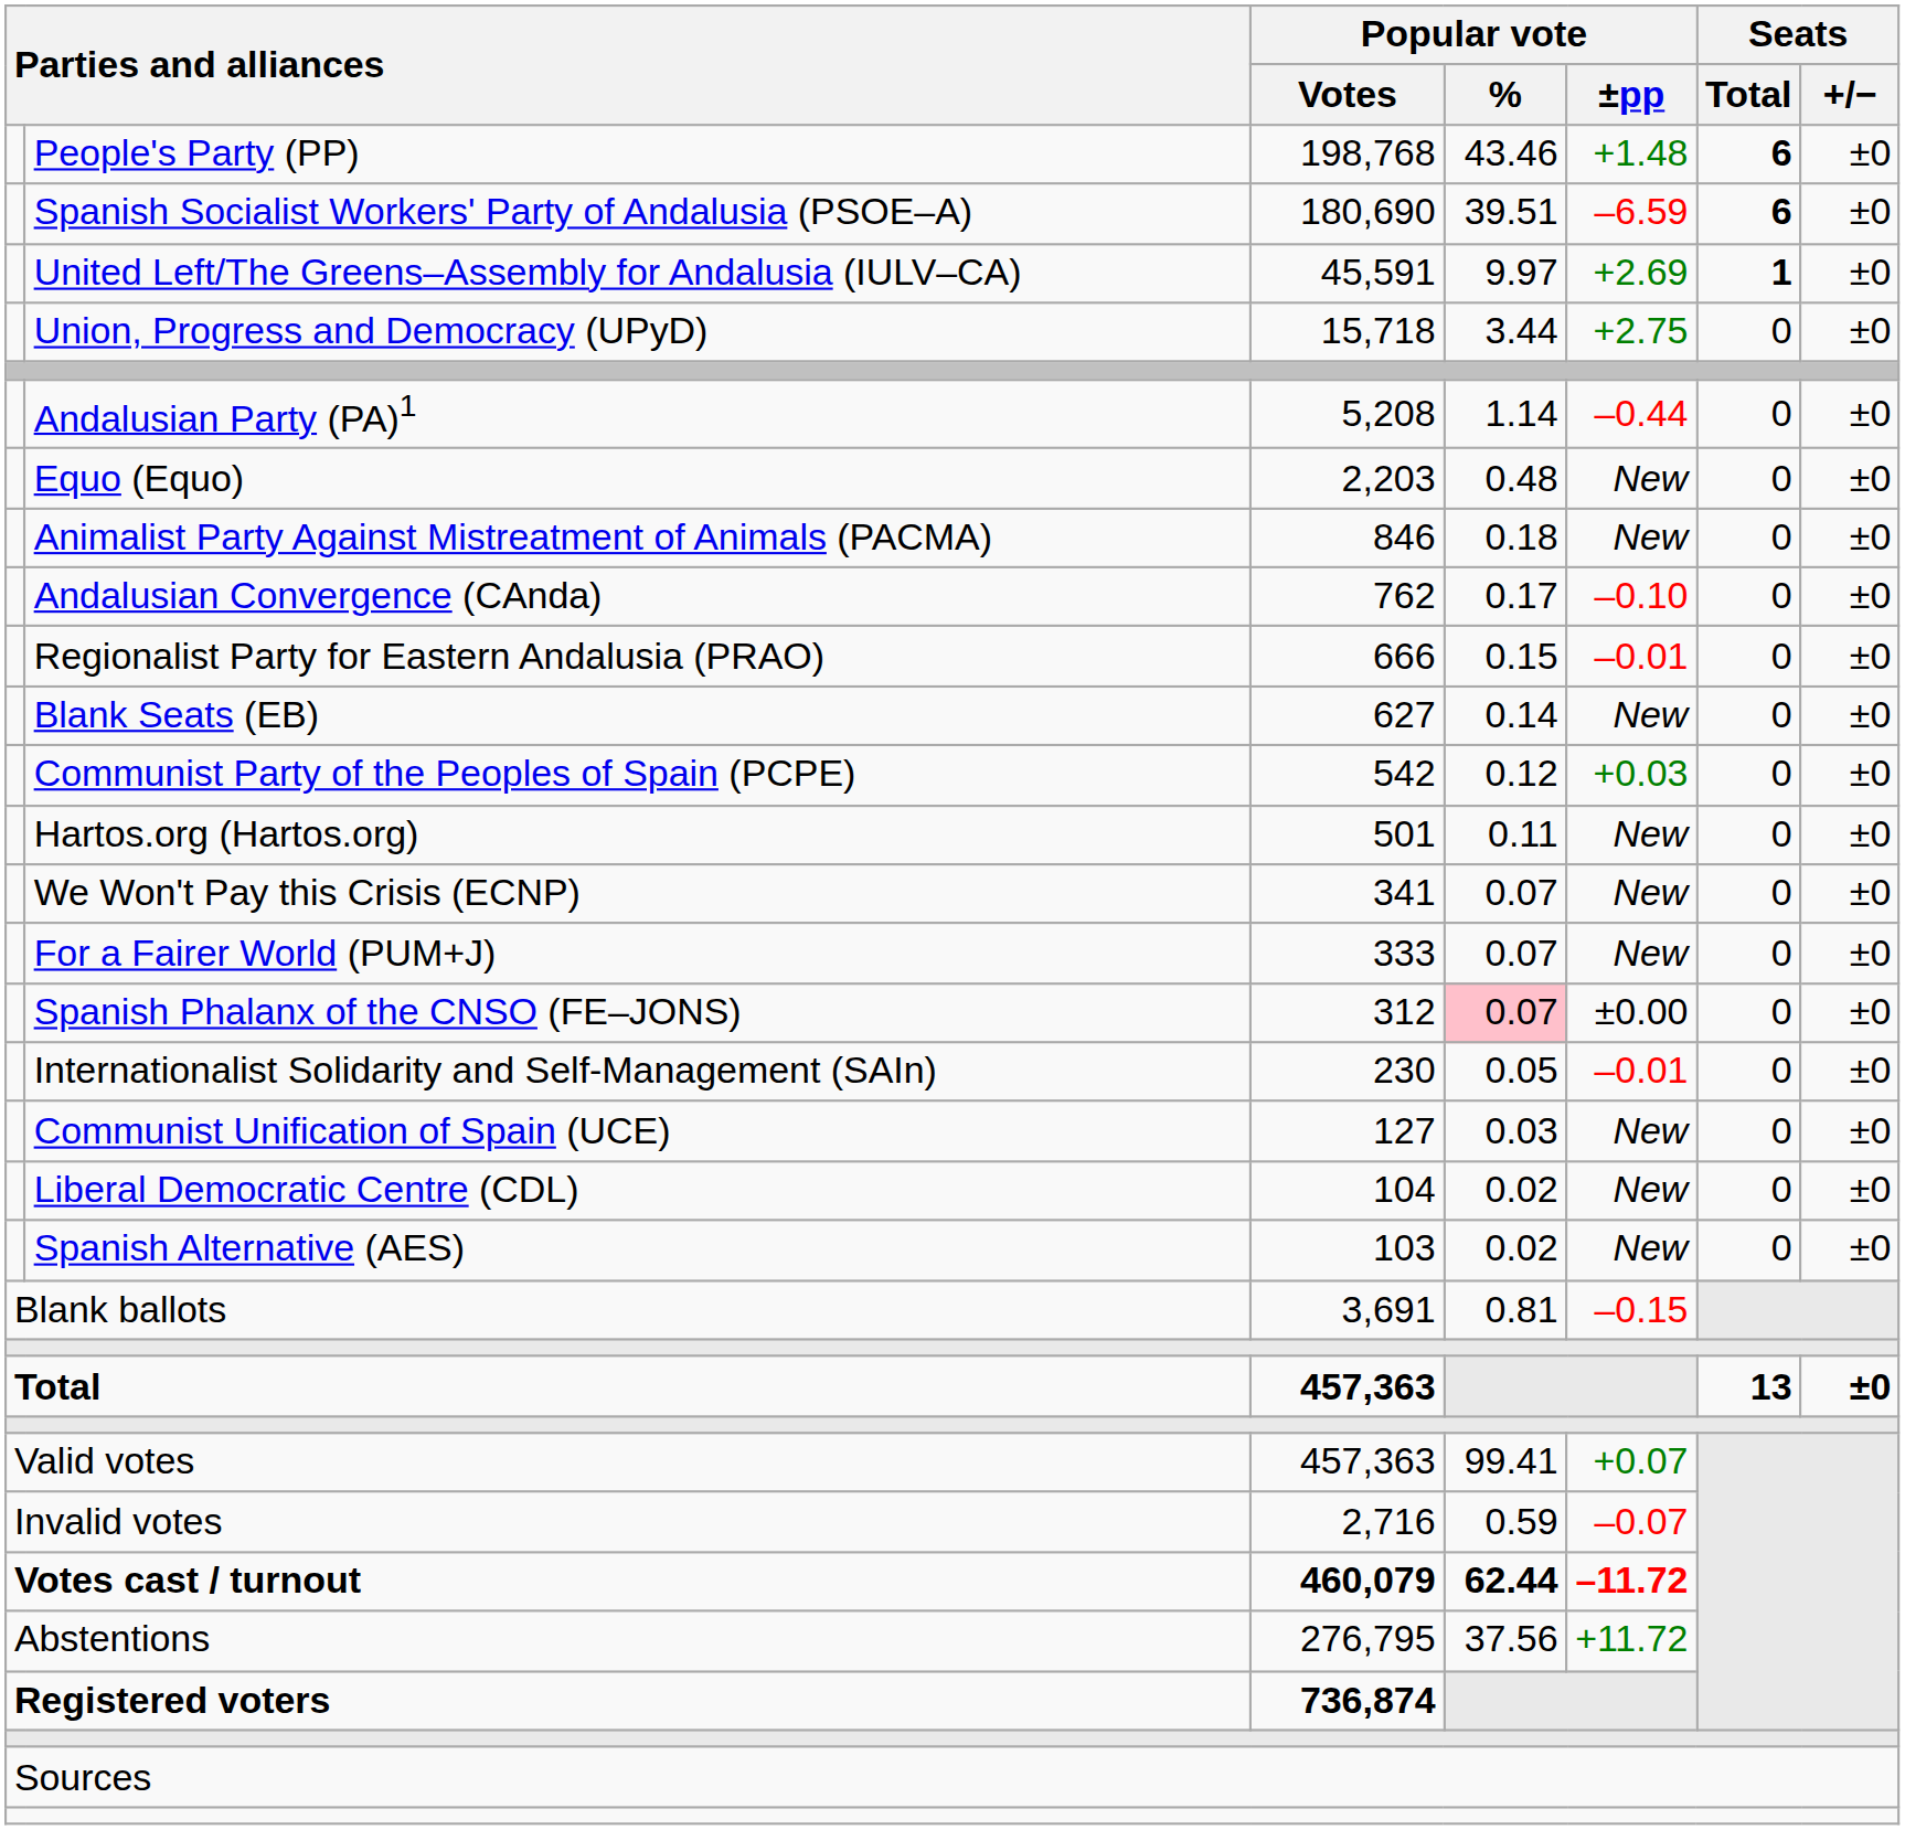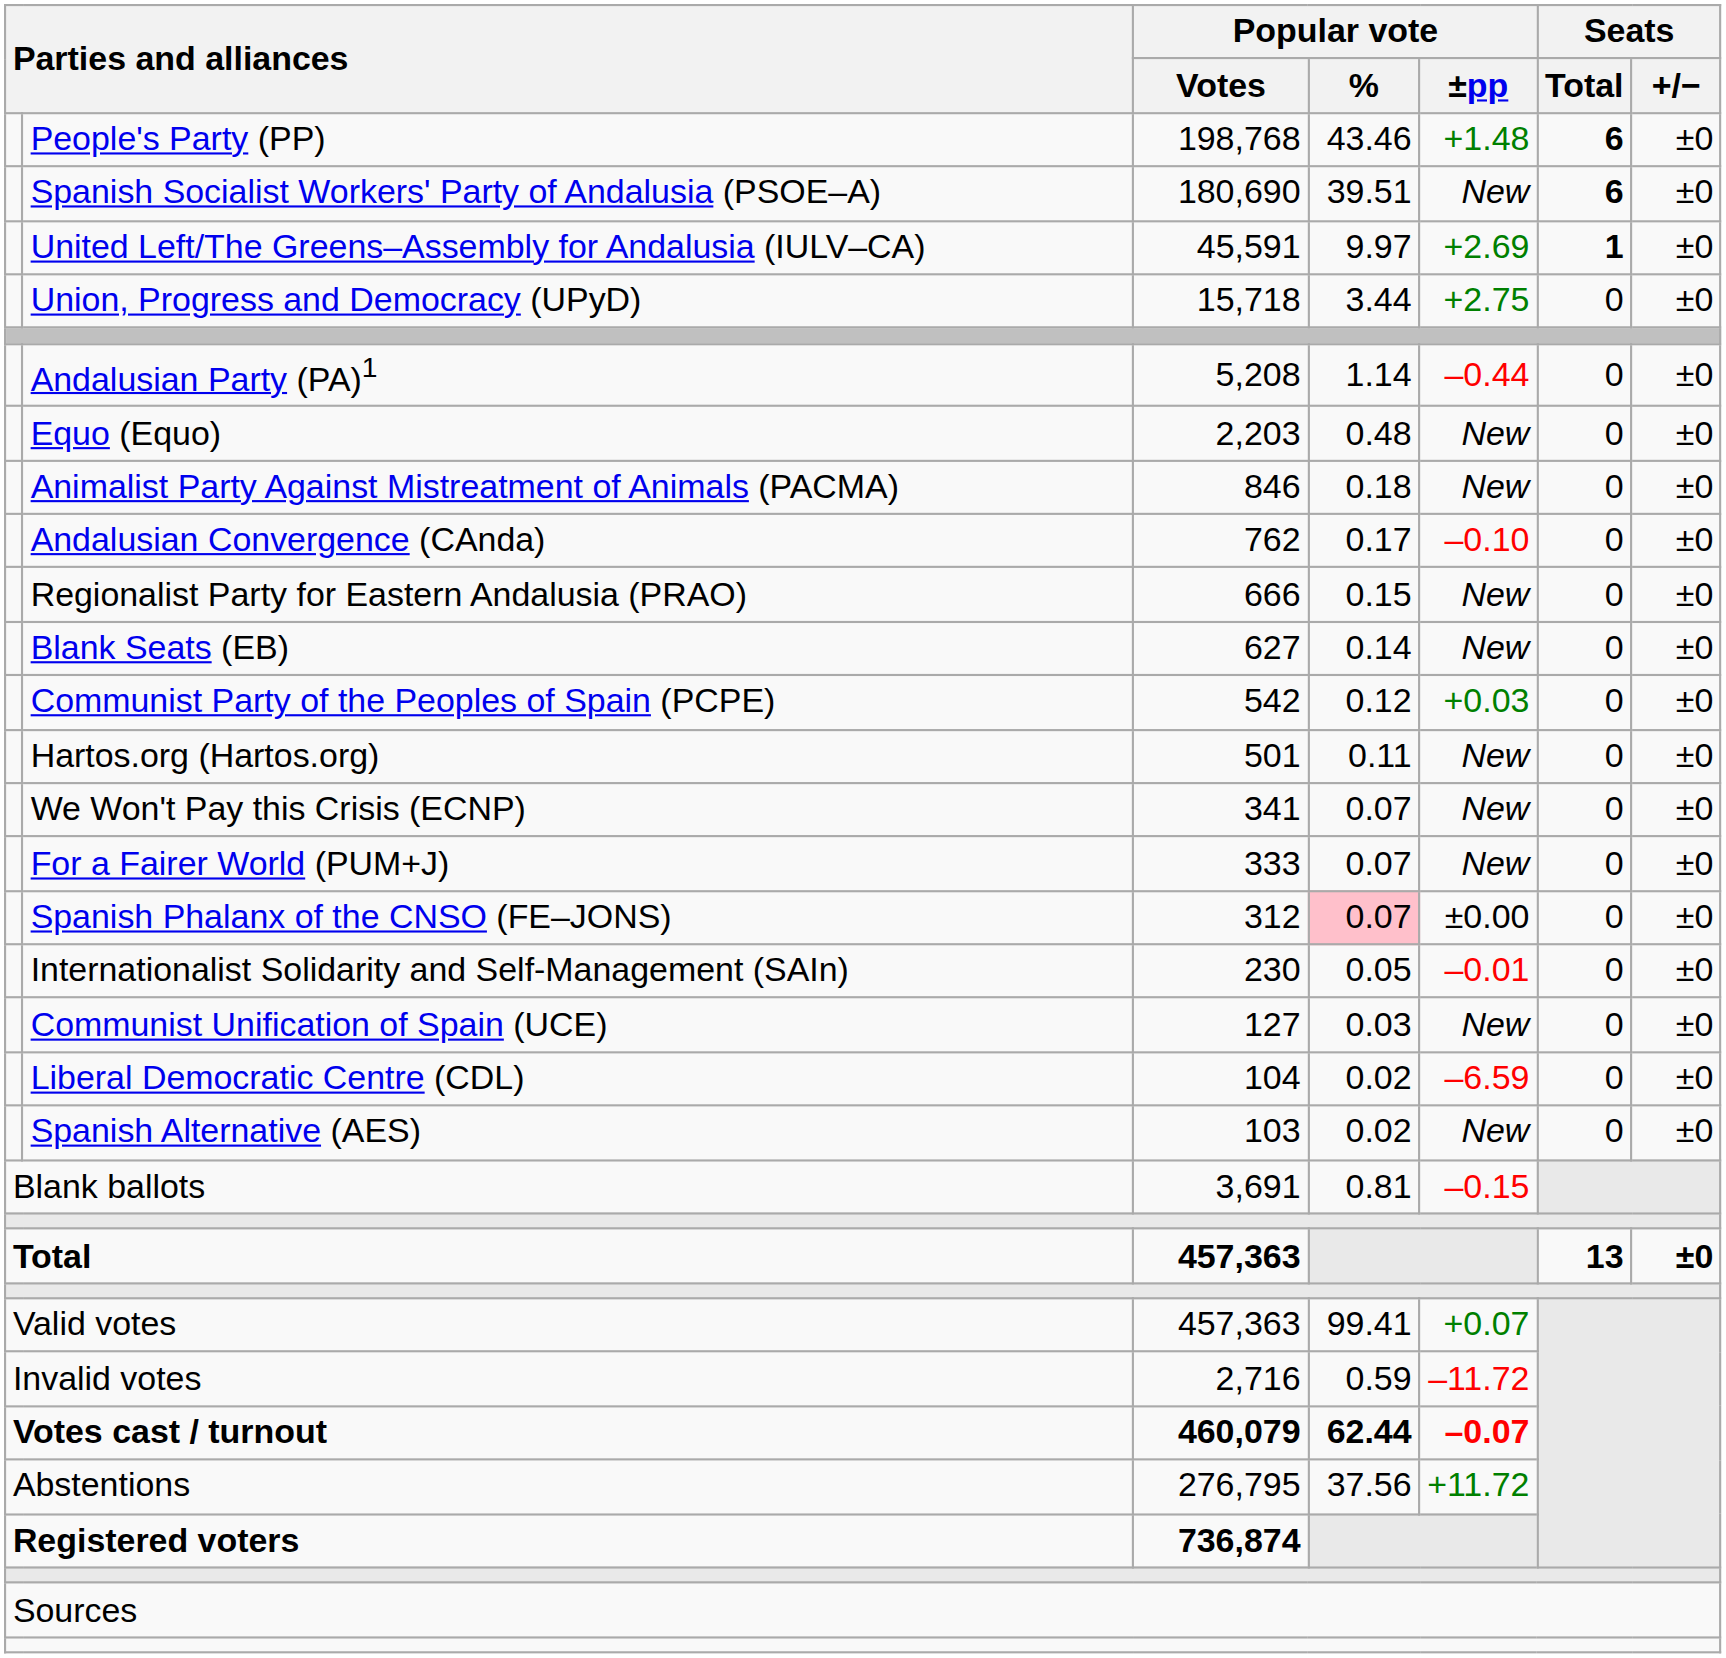 <table class="wikitable" style="text-align:right;">
 <tr>
 <th style="text-align:left;" rowspan="2" colspan="2" width="525">Parties and alliances</th>
 <th colspan="3">Popular vote</th>
 <th colspan="2">Seats</th>
 </tr>
 <tr>
 <th width="75">Votes</th>
 <th width="45">%</th>
 <th width="45">±<a href='#'>pp</a></th>
 <th width="35">Total</th>
 <th width="35">+/−</th>
 </tr>
 <tr>
 <td width="1" style="color:inherit;background:"></td>
 <td align="left"><a href='#'>People's Party</a> (PP)</td>
 <td>198,768</td>
 <td>43.46</td>
 <td style="color:green;">+1.48</td>
 <td><strong>6</strong></td>
 <td>±0</td>
 </tr>
 <tr>
 <td style="color:inherit;background:"></td>
 <td align="left"><a href='#'>Spanish Socialist Workers' Party of Andalusia</a> (PSOE–A)</td>
 <td>180,690</td>
 <td>39.51</td>
-<td style="color:red;">–6.59</td>
+<td><em>New</em></td>
 <td><strong>6</strong></td>
 <td>±0</td>
 </tr>
 <tr>
 <td style="color:inherit;background:"></td>
 <td align="left"><a href='#'>United Left/The Greens–Assembly for Andalusia</a> (IULV–CA)</td>
 <td>45,591</td>
 <td>9.97</td>
 <td style="color:green;">+2.69</td>
 <td><strong>1</strong></td>
 <td>±0</td>
 </tr>
 <tr>
 <td style="color:inherit;background:"></td>
 <td align="left"><a href='#'>Union, Progress and Democracy</a> (UPyD)</td>
 <td>15,718</td>
 <td>3.44</td>
 <td style="color:green;">+2.75</td>
 <td>0</td>
 <td>±0</td>
 </tr>
 <tr>
 <td colspan="7" bgcolor="#C0C0C0"></td>
 </tr>
 <tr>
 <td style="color:inherit;background:"></td>
 <td align="left"><a href='#'>Andalusian Party</a> (PA)<sup>1</sup></td>
 <td>5,208</td>
 <td>1.14</td>
 <td style="color:red;">–0.44</td>
 <td>0</td>
 <td>±0</td>
 </tr>
 <tr>
 <td style="color:inherit;background:"></td>
 <td align="left"><a href='#'>Equo</a> (Equo)</td>
 <td>2,203</td>
 <td>0.48</td>
 <td><em>New</em></td>
 <td>0</td>
 <td>±0</td>
 </tr>
 <tr>
 <td style="color:inherit;background:"></td>
 <td align="left"><a href='#'>Animalist Party Against Mistreatment of Animals</a> (PACMA)</td>
 <td>846</td>
 <td>0.18</td>
 <td><em>New</em></td>
 <td>0</td>
 <td>±0</td>
 </tr>
 <tr>
 <td style="color:inherit;background:"></td>
 <td align="left"><a href='#'>Andalusian Convergence</a> (CAnda)</td>
 <td>762</td>
 <td>0.17</td>
 <td style="color:red;">–0.10</td>
 <td>0</td>
 <td>±0</td>
 </tr>
 <tr>
 <td style="color:inherit;background:"></td>
 <td align="left">Regionalist Party for Eastern Andalusia (PRAO)</td>
 <td>666</td>
 <td>0.15</td>
-<td style="color:red;">–0.01</td>
+<td><em>New</em></td>
 <td>0</td>
 <td>±0</td>
 </tr>
 <tr>
 <td style="color:inherit;background:"></td>
 <td align="left"><a href='#'>Blank Seats</a> (EB)</td>
 <td>627</td>
 <td>0.14</td>
 <td><em>New</em></td>
 <td>0</td>
 <td>±0</td>
 </tr>
 <tr>
 <td style="color:inherit;background:"></td>
 <td align="left"><a href='#'>Communist Party of the Peoples of Spain</a> (PCPE)</td>
 <td>542</td>
 <td>0.12</td>
 <td style="color:green;">+0.03</td>
 <td>0</td>
 <td>±0</td>
 </tr>
 <tr>
 <td style="color:inherit;background:"></td>
 <td align="left">Hartos.org (Hartos.org)</td>
 <td>501</td>
 <td>0.11</td>
 <td><em>New</em></td>
 <td>0</td>
 <td>±0</td>
 </tr>
 <tr>
 <td style="color:inherit;background:"></td>
 <td align="left">We Won't Pay this Crisis (ECNP)</td>
 <td>341</td>
 <td>0.07</td>
 <td><em>New</em></td>
 <td>0</td>
 <td>±0</td>
 </tr>
 <tr>
 <td style="color:inherit;background:"></td>
 <td align="left"><a href='#'>For a Fairer World</a> (PUM+J)</td>
 <td>333</td>
 <td>0.07</td>
 <td><em>New</em></td>
 <td>0</td>
 <td>±0</td>
 </tr>
 <tr>
 <td style="color:inherit;background:"></td>
 <td align="left"><a href='#'>Spanish Phalanx of the CNSO</a> (FE–JONS)</td>
 <td>312</td>
 <td style="background: pink;">0.07</td>
 <td>±0.00</td>
 <td>0</td>
 <td>±0</td>
 </tr>
 <tr>
 <td style="color:inherit;background:"></td>
 <td align="left">Internationalist Solidarity and Self-Management (SAIn)</td>
 <td>230</td>
 <td>0.05</td>
 <td style="color:red;">–0.01</td>
 <td>0</td>
 <td>±0</td>
 </tr>
 <tr>
 <td style="color:inherit;background:"></td>
 <td align="left"><a href='#'>Communist Unification of Spain</a> (UCE)</td>
 <td>127</td>
 <td>0.03</td>
 <td><em>New</em></td>
 <td>0</td>
 <td>±0</td>
 </tr>
 <tr>
 <td style="color:inherit;background:"></td>
 <td align="left"><a href='#'>Liberal Democratic Centre</a> (CDL)</td>
 <td>104</td>
 <td>0.02</td>
-<td><em>New</em></td>
+<td style="color:red;">–6.59</td>
 <td>0</td>
 <td>±0</td>
 </tr>
 <tr>
 <td style="color:inherit;background:"></td>
 <td align="left"><a href='#'>Spanish Alternative</a> (AES)</td>
 <td>103</td>
 <td>0.02</td>
 <td><em>New</em></td>
 <td>0</td>
 <td>±0</td>
 </tr>
 <tr>
 <td align="left" colspan="2">Blank ballots</td>
 <td>3,691</td>
 <td>0.81</td>
 <td style="color:red;">–0.15</td>
 <td bgcolor="#E9E9E9" colspan="2"></td>
 </tr>
 <tr>
 <td colspan="7" bgcolor="#E9E9E9"></td>
 </tr>
 <tr style="font-weight:bold;">
 <td align="left" colspan="2">Total</td>
 <td>457,363</td>
 <td bgcolor="#E9E9E9" colspan="2"></td>
 <td>13</td>
 <td>±0</td>
 </tr>
 <tr>
 <td colspan="7" bgcolor="#E9E9E9"></td>
 </tr>
 <tr>
 <td align="left" colspan="2">Valid votes</td>
 <td>457,363</td>
 <td>99.41</td>
 <td style="color:green;">+0.07</td>
 <td bgcolor="#E9E9E9" colspan="2" rowspan="5"></td>
 </tr>
 <tr>
 <td align="left" colspan="2">Invalid votes</td>
 <td>2,716</td>
 <td>0.59</td>
-<td style="color:red;">–0.07</td>
+<td style="color:red;">–11.72</td>
 </tr>
 <tr style="font-weight:bold;">
 <td align="left" colspan="2">Votes cast / turnout</td>
 <td>460,079</td>
 <td>62.44</td>
-<td style="color:red;">–11.72</td>
+<td style="color:red;">–0.07</td>
 </tr>
 <tr>
 <td align="left" colspan="2">Abstentions</td>
 <td>276,795</td>
 <td>37.56</td>
 <td style="color:green;">+11.72</td>
 </tr>
 <tr style="font-weight:bold;">
 <td align="left" colspan="2">Registered voters</td>
 <td>736,874</td>
 <td bgcolor="#E9E9E9" colspan="2"></td>
 </tr>
 <tr>
 <td colspan="7" bgcolor="#E9E9E9"></td>
 </tr>
 <tr>
 <td align="left" colspan="7">Sources</td>
 </tr>
 <tr>
 <td colspan="7" style="text-align:left; max-width:790px;"></td>
 </tr>
 </table>
